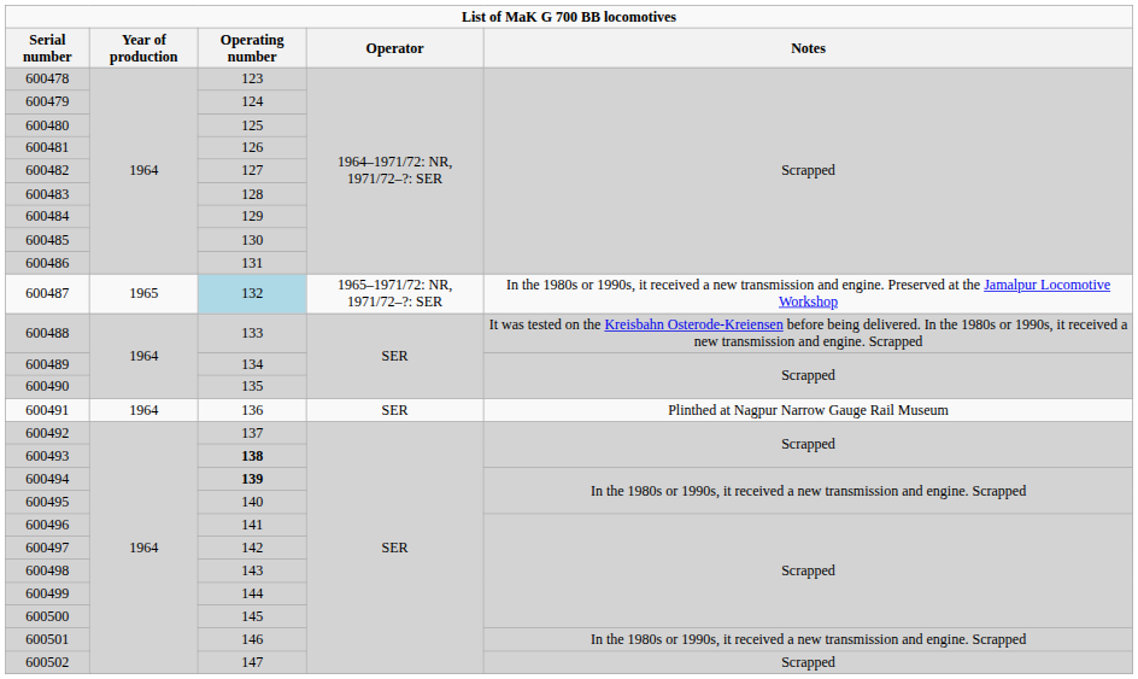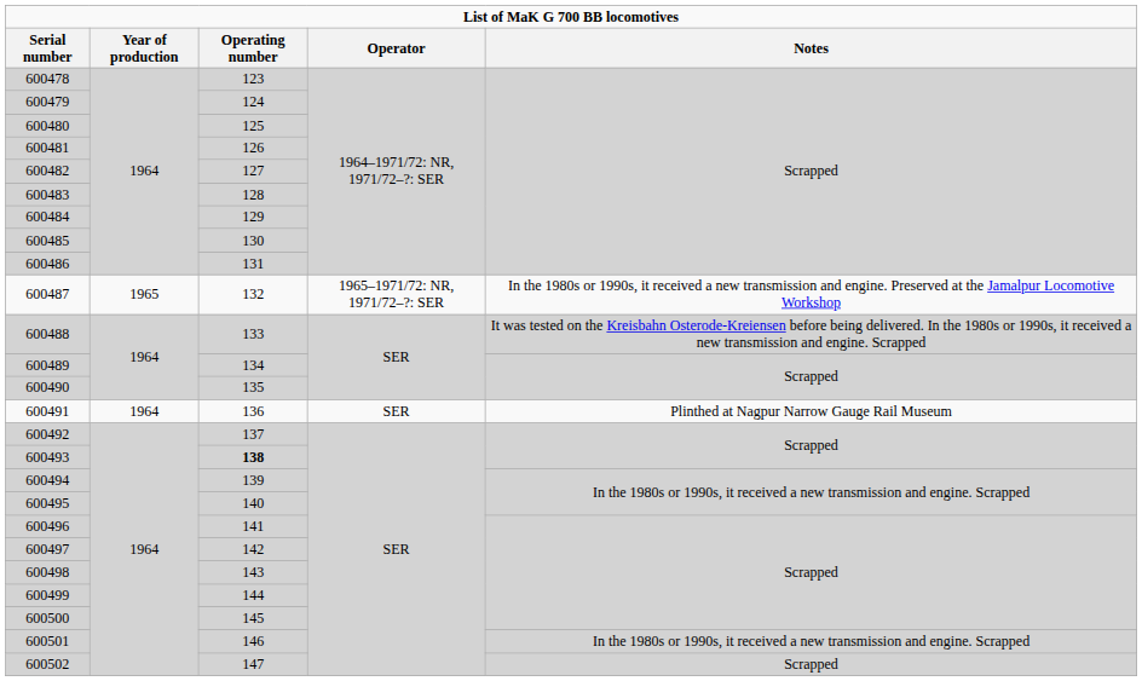 <table class="wikitable">
 <tr>
 <td colspan="5" align="center"><strong>List of MaK G 700 BB locomotives</strong></td>
 </tr>
 <tr>
 <th>Serial number</th>
 <th>Year of production</th>
 <th>Operating number</th>
 <th>Operator</th>
 <th>Notes</th>
 </tr>
 <tr align="center">
 <td style="background:lightgrey;">600478</td>
 <td style="background:lightgrey;" rowspan="9">1964</td>
 <td style="background:lightgrey;">123</td>
 <td style="background:lightgrey;" rowspan="9">1964–1971/72: NR, 1971/72–?: SER</td>
 <td style="background:lightgrey;" rowspan="9">Scrapped</td>
 </tr>
 <tr align="center">
 <td style="background:lightgrey;">600479</td>
 <td style="background:lightgrey;">124</td>
 </tr>
 <tr align="center">
 <td style="background:lightgrey;">600480</td>
 <td style="background:lightgrey;">125</td>
 </tr>
 <tr align="center">
 <td style="background:lightgrey;">600481</td>
 <td style="background:lightgrey;">126</td>
 </tr>
 <tr align="center">
 <td style="background:lightgrey;">600482</td>
 <td style="background:lightgrey;">127</td>
 </tr>
 <tr align="center">
 <td style="background:lightgrey;">600483</td>
 <td style="background:lightgrey;">128</td>
 </tr>
 <tr align="center">
 <td style="background:lightgrey;">600484</td>
 <td style="background:lightgrey;">129</td>
 </tr>
 <tr align="center">
 <td style="background:lightgrey;">600485</td>
 <td style="background:lightgrey;">130</td>
 </tr>
 <tr align="center">
 <td style="background:lightgrey;">600486</td>
 <td style="background:lightgrey;">131</td>
 </tr>
 <tr align="center">
 <td>600487</td>
 <td>1965</td>
-<td style="background: lightblue;">132</td>
+<td>132</td>
 <td>1965–1971/72: NR, 1971/72–?: SER</td>
 <td>In the 1980s or 1990s, it received a new transmission and engine. Preserved at the <a href='#'>Jamalpur Locomotive Workshop</a></td>
 </tr>
 <tr align="center">
 <td style="background:lightgrey;">600488</td>
 <td style="background:lightgrey;" rowspan="3">1964</td>
 <td style="background:lightgrey;">133</td>
 <td style="background:lightgrey;" rowspan="3">SER</td>
 <td style="background:lightgrey;">It was tested on the <a href='#'>Kreisbahn Osterode-Kreiensen</a> before being delivered. In the 1980s or 1990s, it received a new transmission and engine. Scrapped</td>
 </tr>
 <tr align="center">
 <td style="background:lightgrey;">600489</td>
 <td style="background:lightgrey;">134</td>
 <td style="background:lightgrey;" rowspan="2">Scrapped</td>
 </tr>
 <tr align="center">
 <td style="background:lightgrey;">600490</td>
 <td style="background:lightgrey;">135</td>
 </tr>
 <tr align="center">
 <td>600491</td>
 <td>1964</td>
 <td>136</td>
 <td>SER</td>
 <td>Plinthed at Nagpur Narrow Gauge Rail Museum</td>
 </tr>
 <tr align="center">
 <td style="background:lightgrey;">600492</td>
 <td style="background:lightgrey;" rowspan="11">1964</td>
 <td style="background:lightgrey;">137</td>
 <td style="background:lightgrey;" rowspan="11">SER</td>
 <td style="background:lightgrey;" rowspan="2">Scrapped</td>
 </tr>
 <tr align="center">
 <td style="background:lightgrey;">600493</td>
 <td style="background:lightgrey;"><strong>138</strong></td>
 </tr>
 <tr align="center">
 <td style="background:lightgrey;">600494</td>
-<td style="background:lightgrey;"><strong>139</strong></td>
+<td style="background:lightgrey;">139</td>
 <td style="background:lightgrey;" rowspan="2">In the 1980s or 1990s, it received a new transmission and engine. Scrapped</td>
 </tr>
 <tr align="center">
 <td style="background:lightgrey;">600495</td>
 <td style="background:lightgrey;">140</td>
 </tr>
 <tr align="center">
 <td style="background:lightgrey;">600496</td>
 <td style="background:lightgrey;">141</td>
 <td style="background:lightgrey;" rowspan="5">Scrapped</td>
 </tr>
 <tr align="center">
 <td style="background:lightgrey;">600497</td>
 <td style="background:lightgrey;">142</td>
 </tr>
 <tr align="center">
 <td style="background:lightgrey;">600498</td>
 <td style="background:lightgrey;">143</td>
 </tr>
 <tr align="center">
 <td style="background:lightgrey;">600499</td>
 <td style="background:lightgrey;">144</td>
 </tr>
 <tr align="center">
 <td style="background:lightgrey;">600500</td>
 <td style="background:lightgrey;">145</td>
 </tr>
 <tr align="center">
 <td style="background:lightgrey;">600501</td>
 <td style="background:lightgrey;">146</td>
 <td style="background:lightgrey;">In the 1980s or 1990s, it received a new transmission and engine. Scrapped</td>
 </tr>
 <tr align="center">
 <td style="background:lightgrey;">600502</td>
 <td style="background:lightgrey;">147</td>
 <td style="background:lightgrey;">Scrapped</td>
 </tr>
 </table>
